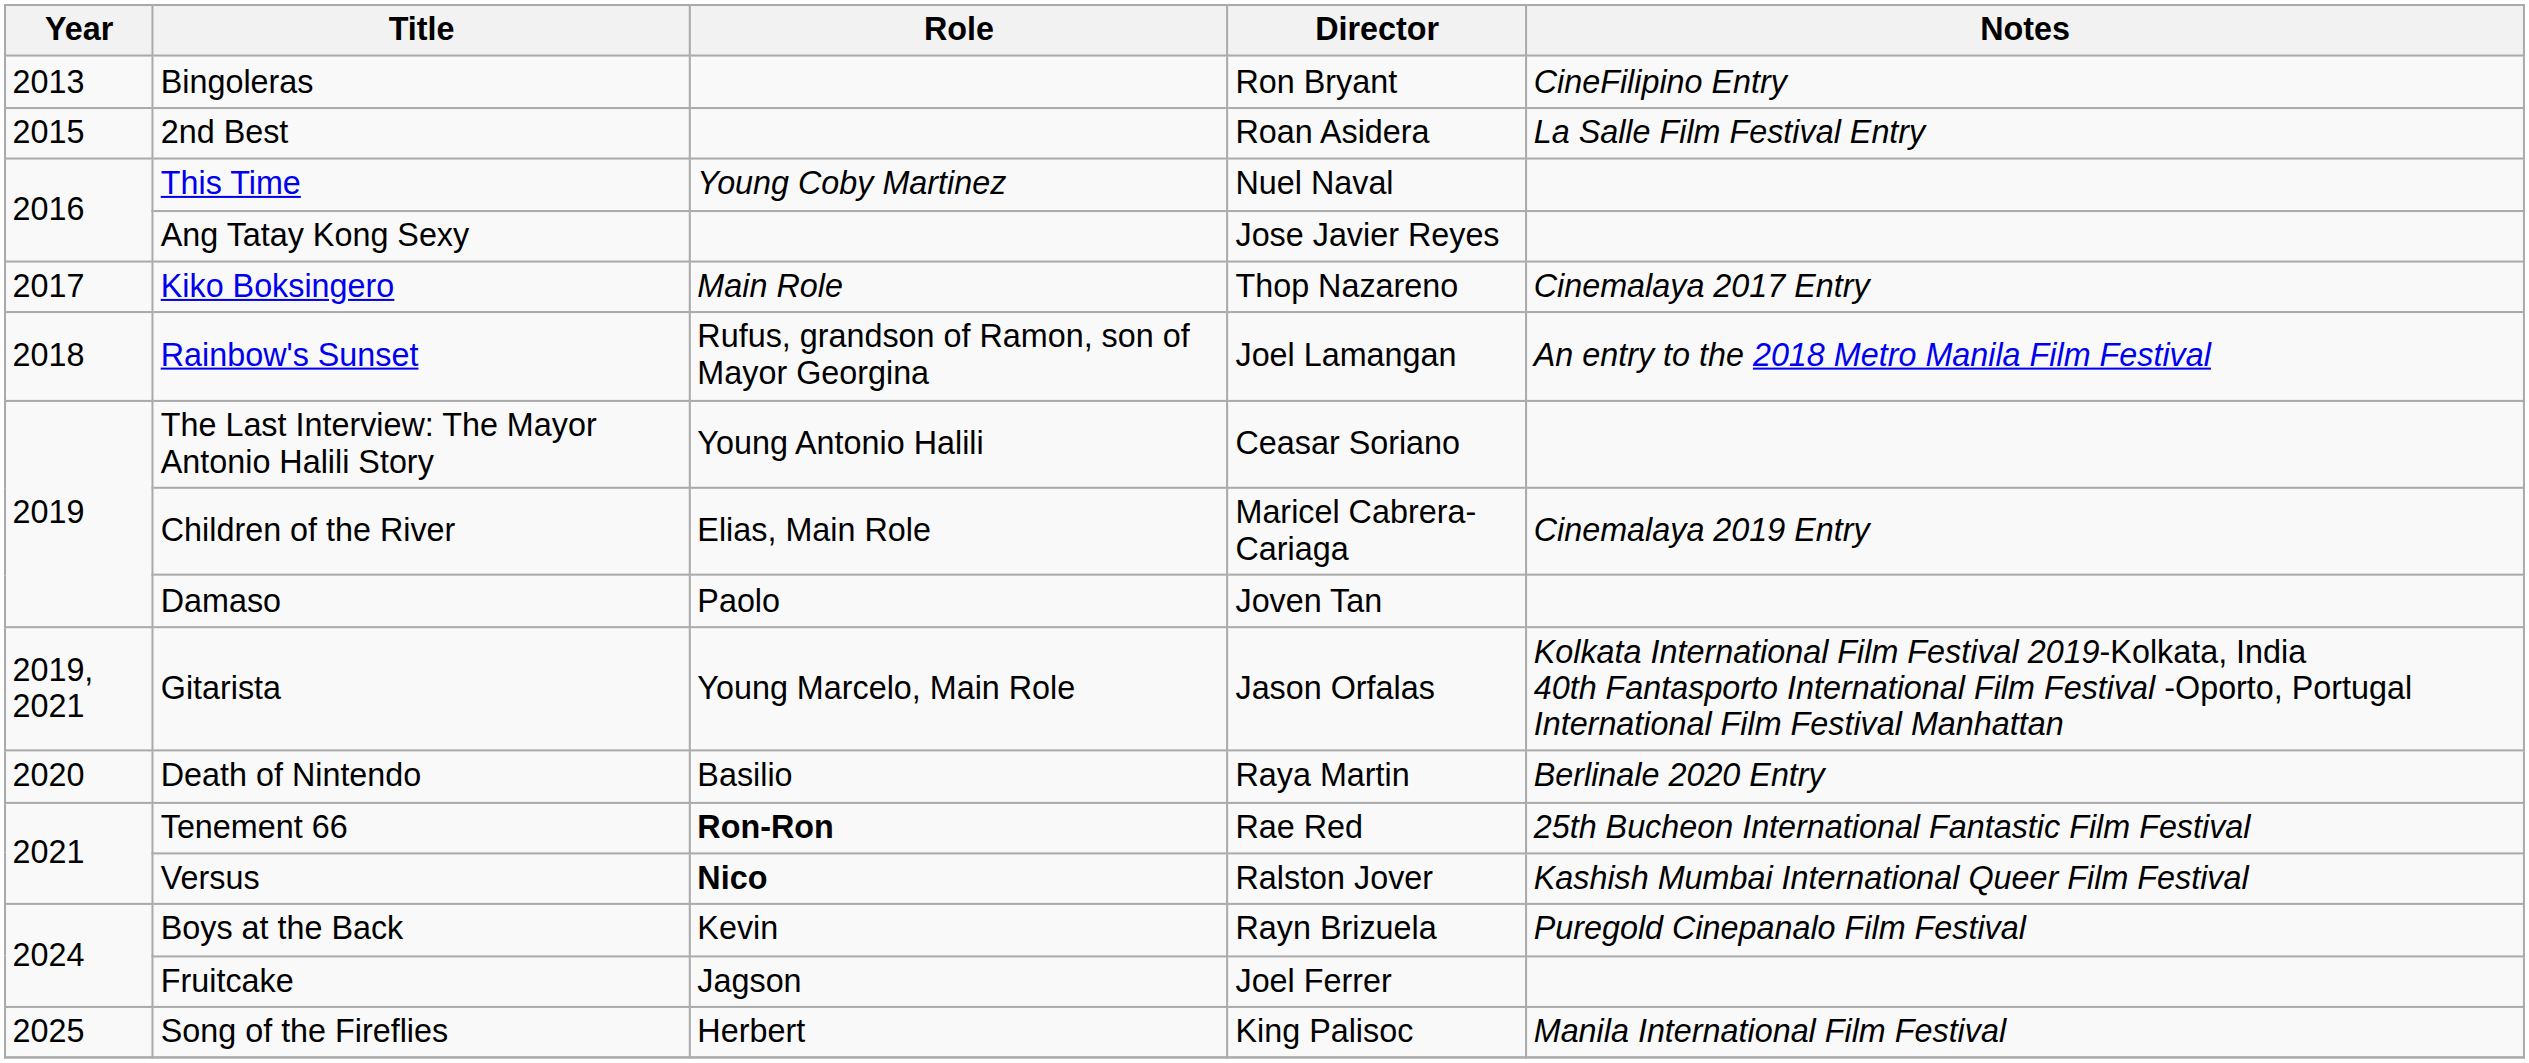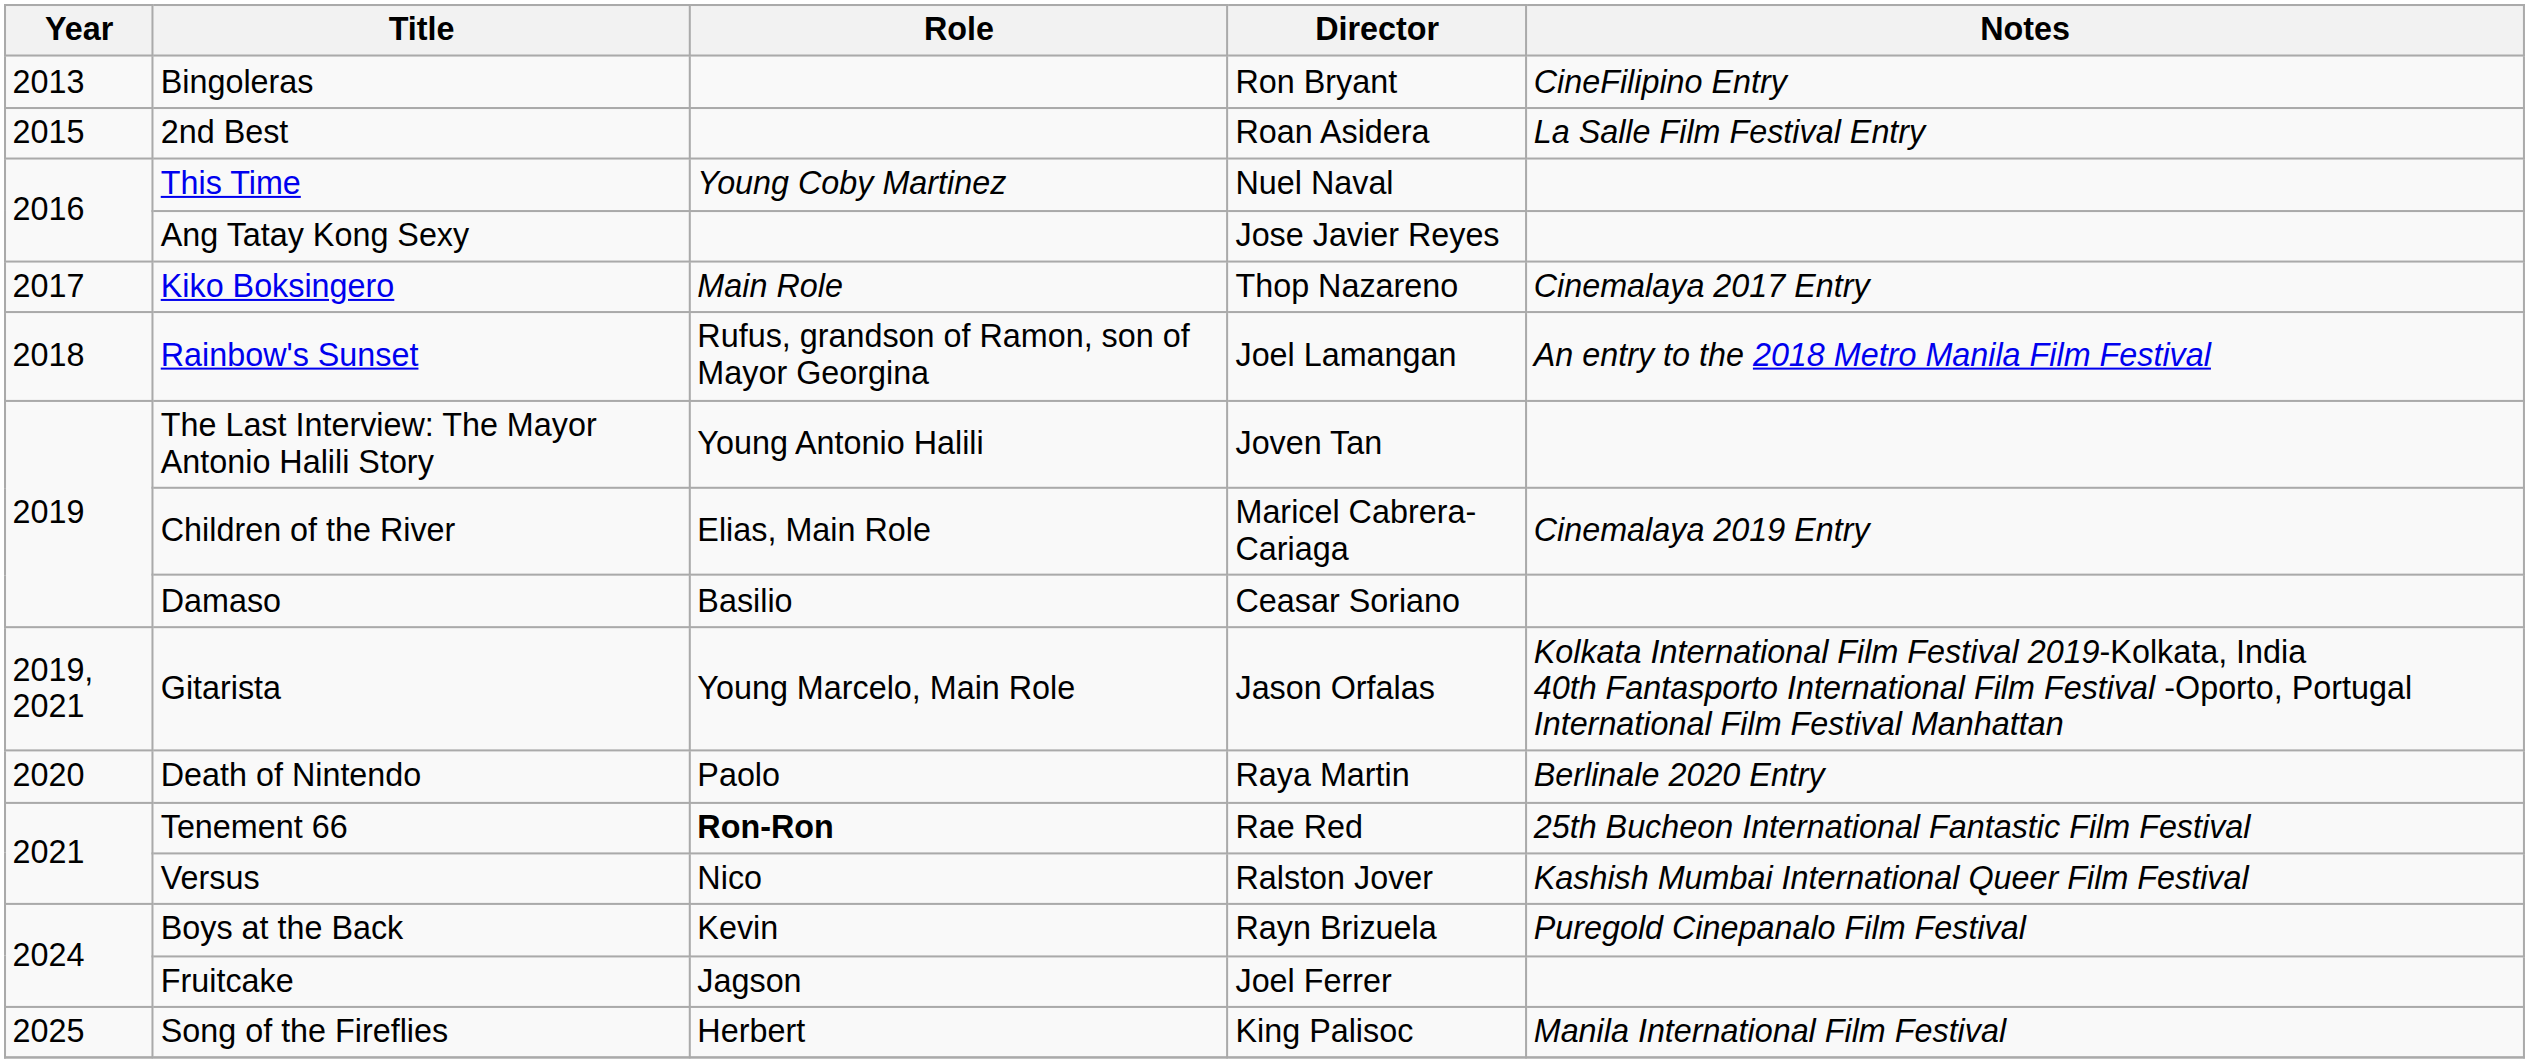 <table class="wikitable">
 <tr>
 <th>Year</th>
 <th>Title</th>
 <th>Role</th>
 <th>Director</th>
 <th>Notes</th>
 </tr>
 <tr>
 <td>2013</td>
 <td>Bingoleras</td>
 <td></td>
 <td>Ron Bryant</td>
 <td><em>CineFilipino Entry</em></td>
 </tr>
 <tr>
 <td>2015</td>
 <td>2nd Best</td>
 <td></td>
 <td>Roan Asidera</td>
 <td><em>La Salle Film Festival Entry</em></td>
 </tr>
 <tr>
 <td rowspan="2">2016</td>
 <td><a href='#'>This Time</a></td>
 <td><em>Young Coby Martinez</em></td>
 <td>Nuel Naval</td>
 <td></td>
 </tr>
 <tr>
 <td>Ang Tatay Kong Sexy</td>
 <td></td>
 <td>Jose Javier Reyes</td>
 <td></td>
 </tr>
 <tr>
 <td>2017</td>
 <td><a href='#'>Kiko Boksingero</a></td>
 <td><em>Main Role</em></td>
 <td>Thop Nazareno</td>
 <td><em>Cinemalaya 2017 Entry</em></td>
 </tr>
 <tr>
 <td>2018</td>
 <td><a href='#'>Rainbow's Sunset</a></td>
 <td>Rufus, grandson of Ramon, son of Mayor Georgina</td>
 <td>Joel Lamangan</td>
 <td><em>An entry to the <a href='#'>2018 Metro Manila Film Festival</a></em></td>
 </tr>
 <tr>
 <td rowspan="3">2019</td>
 <td>The Last Interview:  The Mayor Antonio Halili Story</td>
 <td>Young Antonio Halili</td>
-<td>Ceasar Soriano</td>
+<td>Joven Tan</td>
 <td></td>
 </tr>
 <tr>
 <td>Children of the River</td>
 <td>Elias, Main Role</td>
 <td>Maricel Cabrera-Cariaga</td>
 <td><em>Cinemalaya 2019 Entry</em></td>
 </tr>
 <tr>
 <td>Damaso</td>
-<td>Paolo</td>
-<td>Joven Tan</td>
+<td>Basilio</td>
+<td>Ceasar Soriano</td>
 <td></td>
 </tr>
 <tr>
 <td>2019, 2021</td>
 <td>Gitarista</td>
 <td>Young Marcelo, Main Role</td>
 <td>Jason Orfalas</td>
 <td><em>Kolkata International Film Festival 2019</em>-Kolkata, India<br><em>40th Fantasporto International Film Festival</em> -Oporto, Portugal <em>International Film Festival Manhattan</em></td>
 </tr>
 <tr>
 <td>2020</td>
 <td>Death of Nintendo</td>
-<td>Basilio</td>
+<td>Paolo</td>
 <td>Raya Martin</td>
 <td><em>Berlinale 2020 Entry</em></td>
 </tr>
 <tr>
 <td rowspan="2">2021</td>
 <td>Tenement 66</td>
 <td><strong>Ron-Ron</strong></td>
 <td>Rae Red</td>
 <td><em>25th Bucheon International Fantastic Film Festival</em></td>
 </tr>
 <tr>
 <td>Versus</td>
-<td><strong>Nico</strong></td>
+<td>Nico</td>
 <td>Ralston Jover</td>
 <td><em>Kashish Mumbai International Queer Film Festival</em></td>
 </tr>
 <tr>
 <td rowspan="2">2024</td>
 <td>Boys at the Back</td>
 <td>Kevin</td>
 <td>Rayn Brizuela</td>
 <td><em>Puregold Cinepanalo Film Festival</em></td>
 </tr>
 <tr>
 <td>Fruitcake</td>
 <td>Jagson</td>
 <td>Joel Ferrer</td>
 <td></td>
 </tr>
 <tr>
 <td>2025</td>
 <td>Song of the Fireflies</td>
 <td>Herbert</td>
 <td>King Palisoc</td>
 <td><em>Manila International Film Festival</em></td>
 </tr>
 <tr>
 </tr>
 </table>
